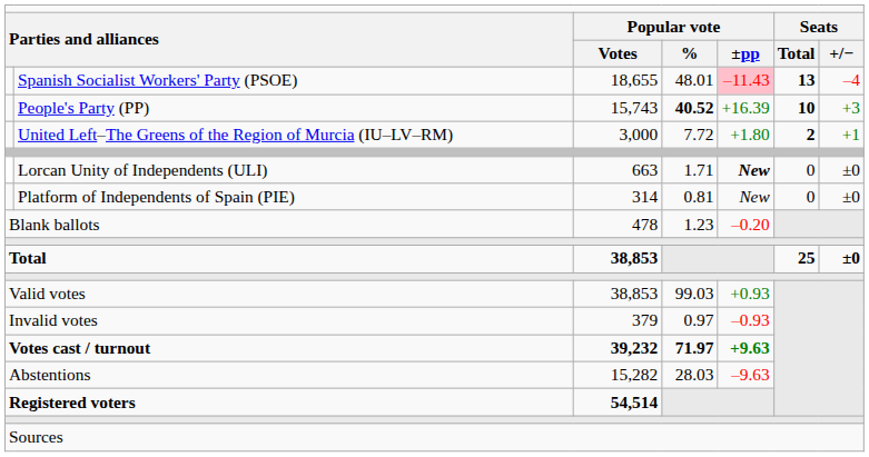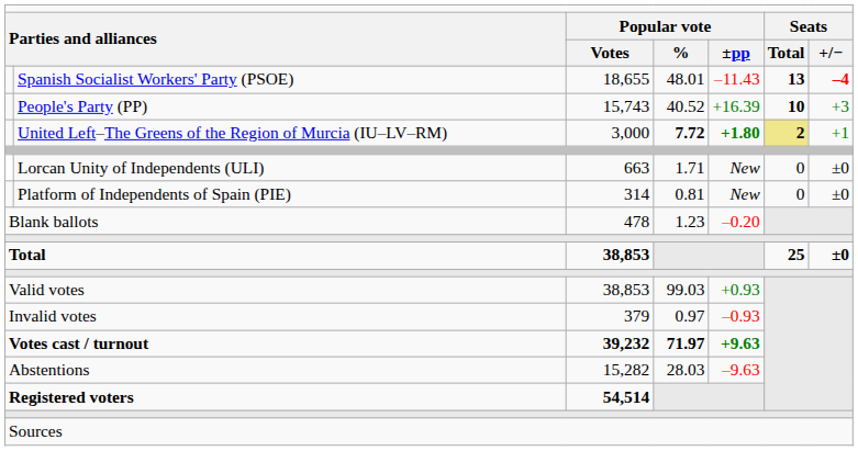 <table class="wikitable" style="text-align:right;">
 <tr>
 <td colspan="7"></td>
 </tr>
 <tr>
 <th style="text-align:left;" rowspan="2" colspan="2" width="525">Parties and alliances</th>
 <th colspan="3">Popular vote</th>
 <th colspan="2">Seats</th>
 </tr>
 <tr>
 <th width="75">Votes</th>
 <th width="45">%</th>
 <th width="45">±<a href='#'>pp</a></th>
 <th width="35">Total</th>
 <th width="35">+/−</th>
 </tr>
 <tr>
 <td width="1" style="color:inherit;background:"></td>
 <td align="left"><a href='#'>Spanish Socialist Workers' Party</a> (PSOE)</td>
 <td>18,655</td>
 <td>48.01</td>
-<td style="background: pink; color:red;">–11.43</td>
+<td style="color:red;">–11.43</td>
 <td><strong>13</strong></td>
-<td style="color:red;">–4</td>
+<td style="color:red;"><strong>–4</strong></td>
 </tr>
 <tr>
 <td style="color:inherit;background:"></td>
 <td align="left"><a href='#'>People's Party</a> (PP)</td>
 <td>15,743</td>
-<td><strong>40.52</strong></td>
+<td>40.52</td>
 <td style="color:green;">+16.39</td>
 <td><strong>10</strong></td>
 <td style="color:green;">+3</td>
 </tr>
 <tr>
 <td style="color:inherit;background:"></td>
 <td align="left"><a href='#'>United Left</a>–<a href='#'>The Greens of the Region of Murcia</a> (IU–LV–RM)</td>
 <td>3,000</td>
-<td>7.72</td>
-<td style="color:green;">+1.80</td>
-<td><strong>2</strong></td>
+<td><strong>7.72</strong></td>
+<td style="color:green;"><strong>+1.80</strong></td>
+<td style="background: khaki;"><strong>2</strong></td>
 <td style="color:green;">+1</td>
 </tr>
 <tr>
 <td colspan="7" bgcolor="#C0C0C0"></td>
 </tr>
 <tr>
 <td bgcolor="white"></td>
 <td align="left">Lorcan Unity of Independents (ULI)</td>
 <td>663</td>
 <td>1.71</td>
-<td><strong><em>New</em></strong></td>
+<td><em>New</em></td>
 <td>0</td>
 <td>±0</td>
 </tr>
 <tr>
 <td style="color:inherit;background:"></td>
 <td align="left">Platform of Independents of Spain (PIE)</td>
 <td>314</td>
 <td>0.81</td>
 <td><em>New</em></td>
 <td>0</td>
 <td>±0</td>
 </tr>
 <tr>
 <td align="left" colspan="2">Blank ballots</td>
 <td>478</td>
 <td>1.23</td>
 <td style="color:red;">–0.20</td>
 <td bgcolor="#E9E9E9" colspan="2"></td>
 </tr>
 <tr>
 <td colspan="7" bgcolor="#E9E9E9"></td>
 </tr>
 <tr style="font-weight:bold;">
 <td align="left" colspan="2">Total</td>
 <td>38,853</td>
 <td bgcolor="#E9E9E9" colspan="2"></td>
 <td>25</td>
 <td>±0</td>
 </tr>
 <tr>
 <td colspan="7" bgcolor="#E9E9E9"></td>
 </tr>
 <tr>
 <td align="left" colspan="2">Valid votes</td>
 <td>38,853</td>
 <td>99.03</td>
 <td style="color:green;">+0.93</td>
 <td bgcolor="#E9E9E9" colspan="2" rowspan="5"></td>
 </tr>
 <tr>
 <td align="left" colspan="2">Invalid votes</td>
 <td>379</td>
 <td>0.97</td>
 <td style="color:red;">–0.93</td>
 </tr>
 <tr style="font-weight:bold;">
 <td align="left" colspan="2">Votes cast / turnout</td>
 <td>39,232</td>
 <td>71.97</td>
 <td style="color:green;">+9.63</td>
 </tr>
 <tr>
 <td align="left" colspan="2">Abstentions</td>
 <td>15,282</td>
 <td>28.03</td>
 <td style="color:red;">–9.63</td>
 </tr>
 <tr style="font-weight:bold;">
 <td align="left" colspan="2">Registered voters</td>
 <td>54,514</td>
 <td bgcolor="#E9E9E9" colspan="2"></td>
 </tr>
 <tr>
 <td colspan="7" bgcolor="#E9E9E9"></td>
 </tr>
 <tr>
 <td align="left" colspan="7">Sources</td>
 </tr>
 </table>
